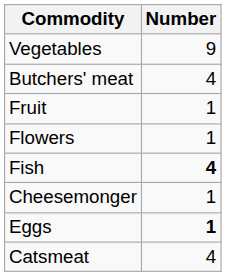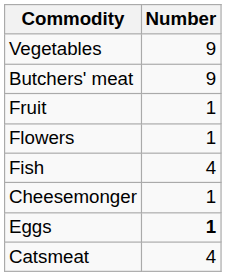 <table class="wikitable mw-collapsible">
 <tr>
 <th>Commodity</th>
 <th>Number</th>
 </tr>
 <tr>
 <td>Vegetables</td>
 <td style="text-align:right;">9</td>
 </tr>
 <tr>
 <td>Butchers' meat</td>
-<td style="text-align:right;">4</td>
+<td style="text-align:right;">9</td>
 </tr>
 <tr>
 <td>Fruit</td>
 <td style="text-align:right;">1</td>
 </tr>
 <tr>
 <td>Flowers</td>
 <td style="text-align:right;">1</td>
 </tr>
 <tr>
 <td>Fish</td>
-<td style="text-align:right;"><strong>4</strong></td>
+<td style="text-align:right;">4</td>
 </tr>
 <tr>
 <td>Cheesemonger</td>
 <td style="text-align:right;">1</td>
 </tr>
 <tr>
 <td>Eggs</td>
 <td style="text-align:right;"><strong>1</strong></td>
 </tr>
 <tr>
 <td>Catsmeat</td>
 <td style="text-align:right;">4</td>
 </tr>
 </table>
